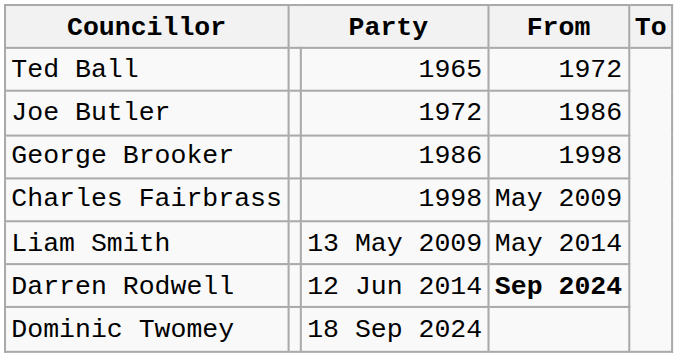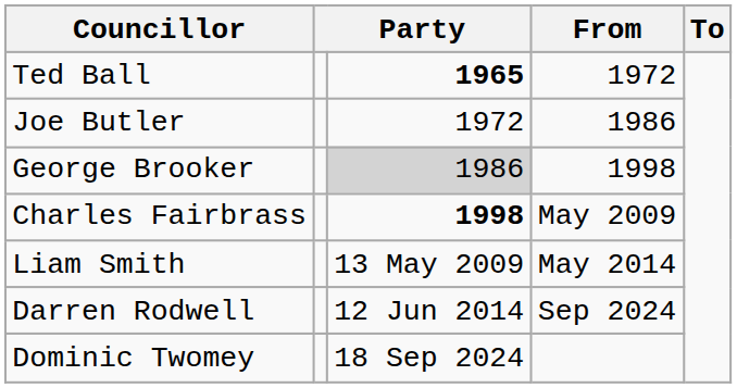 <table class=wikitable>
 <tr>
 <th>Councillor</th>
 <th colspan=2>Party</th>
 <th>From</th>
 <th>To</th>
 </tr>
 <tr>
 <td>Ted Ball</td>
 <td></td>
-<td align=right>1965</td>
+<td align=right><strong>1965</strong></td>
 <td align=right>1972</td>
 </tr>
 <tr>
 <td>Joe Butler</td>
 <td></td>
 <td align=right>1972</td>
 <td align=right>1986</td>
 </tr>
 <tr>
 <td>George Brooker</td>
 <td></td>
-<td align=right>1986</td>
+<td align=right style="background: lightgrey;">1986</td>
 <td align=right>1998</td>
 </tr>
 <tr>
 <td>Charles Fairbrass</td>
 <td></td>
-<td align=right>1998</td>
+<td align=right><strong>1998</strong></td>
 <td align=right>May 2009</td>
 </tr>
 <tr>
 <td>Liam Smith</td>
 <td></td>
 <td align=right>13 May 2009</td>
 <td align=right>May 2014</td>
 </tr>
 <tr>
 <td>Darren Rodwell</td>
 <td></td>
 <td align=right>12 Jun 2014</td>
-<td align=right><strong>Sep 2024</strong></td>
+<td align=right>Sep 2024</td>
 </tr>
 <tr>
 <td>Dominic Twomey</td>
 <td></td>
 <td align=right>18 Sep 2024</td>
 <td></td>
 </tr>
 </table>
